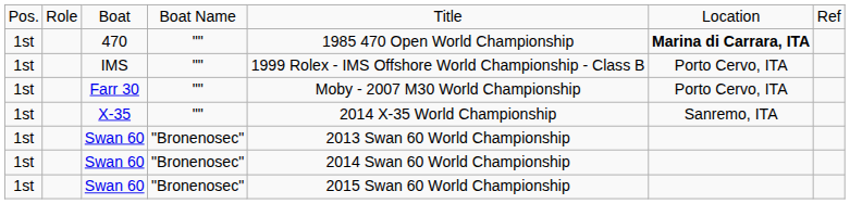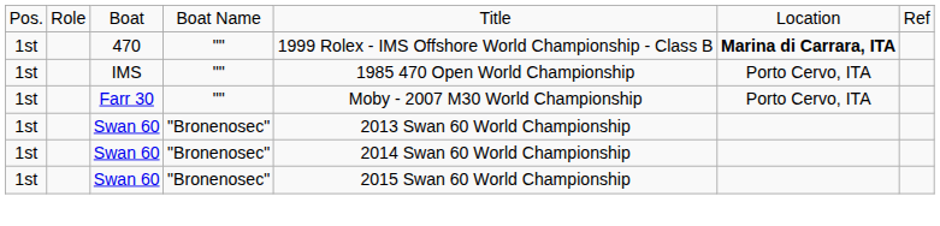 <table class="wikitable" style="text-align: center;">
 <tr>
 <td>Pos.</td>
 <td>Role</td>
 <td>Boat</td>
 <td>Boat Name</td>
 <td>Title</td>
 <td>Location</td>
 <td>Ref</td>
 </tr>
 <tr>
 <td>1st</td>
 <td></td>
 <td>470</td>
 <td>""</td>
-<td>1985 470 Open World Championship</td>
+<td>1999 Rolex - IMS Offshore World Championship - Class B</td>
 <td><strong>Marina di Carrara, ITA</strong></td>
 <td></td>
 </tr>
 <tr>
 <td>1st</td>
 <td></td>
 <td>IMS</td>
 <td>""</td>
-<td>1999 Rolex - IMS Offshore World Championship - Class B</td>
+<td>1985 470 Open World Championship</td>
 <td>Porto Cervo, ITA</td>
 <td></td>
 </tr>
 <tr>
 <td>1st</td>
 <td></td>
 <td><a href='#'>Farr 30</a></td>
 <td>""</td>
 <td>Moby - 2007 M30 World Championship</td>
 <td>Porto Cervo, ITA</td>
-<td></td>
-</tr>
-<tr>
-<td>1st</td>
-<td></td>
-<td><a href='#'>X-35</a></td>
-<td>""</td>
-<td>2014 X-35 World Championship</td>
-<td>Sanremo, ITA</td>
 <td></td>
 </tr>
 <tr>
 <td>1st</td>
 <td></td>
 <td><a href='#'>Swan 60</a></td>
 <td>"Bronenosec"</td>
 <td>2013 Swan 60 World Championship</td>
 <td></td>
 <td></td>
 </tr>
 <tr>
 <td>1st</td>
 <td></td>
 <td><a href='#'>Swan 60</a></td>
 <td>"Bronenosec"</td>
 <td>2014 Swan 60 World Championship</td>
 <td></td>
 <td></td>
 </tr>
 <tr>
 <td>1st</td>
 <td></td>
 <td><a href='#'>Swan 60</a></td>
 <td>"Bronenosec"</td>
 <td>2015 Swan 60 World Championship</td>
 <td></td>
 <td></td>
 </tr>
 </table>
